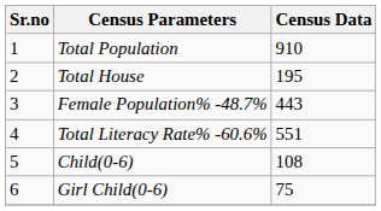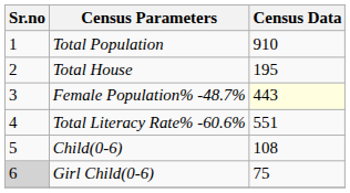 <table class="wikitable sortable">
 <tr>
 <th>Sr.no</th>
 <th>Census Parameters</th>
 <th>Census Data</th>
 </tr>
 <tr>
 <td>1</td>
 <td><em>Total Population</em></td>
 <td>910</td>
 </tr>
 <tr>
 <td>2</td>
 <td><em>Total House</em></td>
 <td>195</td>
 </tr>
 <tr>
 <td>3</td>
 <td><em>Female Population% -48.7%</em></td>
-<td>443</td>
+<td style="background: lightyellow;">443</td>
 </tr>
 <tr>
 <td>4</td>
 <td><em>Total Literacy Rate% -60.6%</em></td>
 <td>551</td>
 </tr>
 <tr>
 <td>5</td>
 <td><em>Child(0-6)</em></td>
 <td>108</td>
 </tr>
 <tr>
-<td>6</td>
+<td style="background: lightgrey;">6</td>
 <td><em>Girl Child(0-6)</em></td>
 <td>75</td>
 </tr>
 <tr>
 </tr>
 </table>
